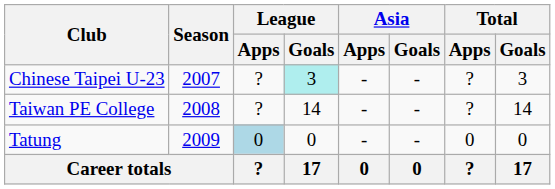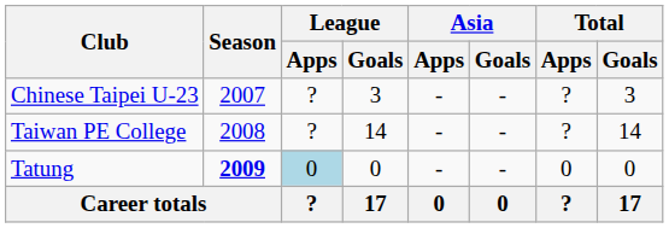 <table class="wikitable" style="text-align: center;">
 <tr>
 <th rowspan=2>Club</th>
 <th rowspan=2>Season</th>
 <th colspan=2>League</th>
 <th colspan=2><a href='#'>Asia</a></th>
 <th colspan=2>Total</th>
 </tr>
 <tr>
 <th>Apps</th>
 <th>Goals</th>
 <th>Apps</th>
 <th>Goals</th>
 <th>Apps</th>
 <th>Goals</th>
 </tr>
 <tr>
 <td style="text-align: left;"><a href='#'>Chinese Taipei U-23</a></td>
 <td><a href='#'>2007</a></td>
 <td>?</td>
-<td style="background: paleturquoise;">3</td>
+<td>3</td>
 <td>-</td>
 <td>-</td>
 <td>?</td>
 <td>3</td>
 </tr>
 <tr>
 <td style="text-align: left;"><a href='#'>Taiwan PE College</a></td>
 <td><a href='#'>2008</a></td>
 <td>?</td>
 <td>14</td>
 <td>-</td>
 <td>-</td>
 <td>?</td>
 <td>14</td>
 </tr>
 <tr>
 <td style="text-align: left;"><a href='#'>Tatung</a></td>
-<td><a href='#'>2009</a></td>
+<td><strong><a href='#'>2009</a></strong></td>
 <td style="background: lightblue;">0</td>
 <td>0</td>
 <td>-</td>
 <td>-</td>
 <td>0</td>
 <td>0</td>
 </tr>
 <tr>
 <th colspan=2>Career totals</th>
 <th>?</th>
 <th>17</th>
 <th>0</th>
 <th>0</th>
 <th>?</th>
 <th>17</th>
 </tr>
 </table>
